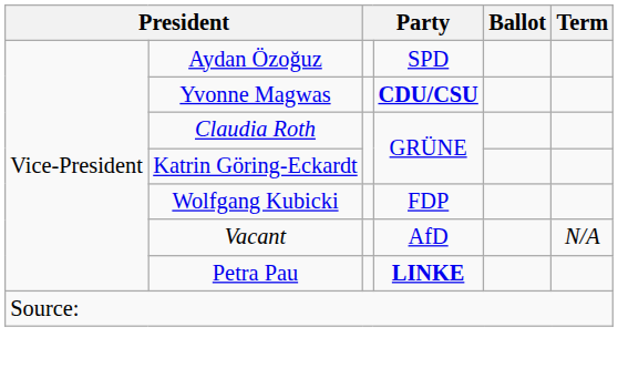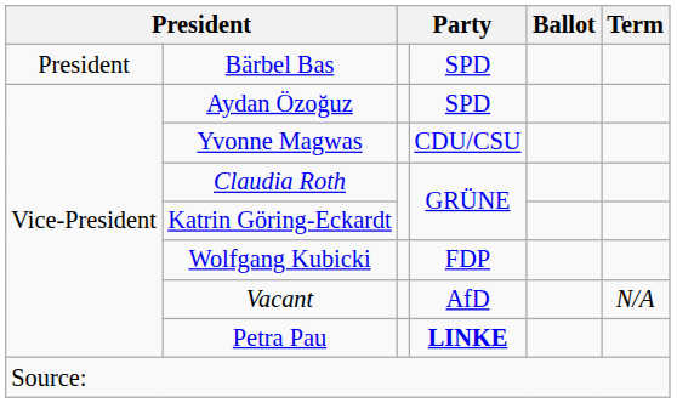 <table class=wikitable style="text-align:center">
 <tr>
 <th colspan=2>President</th>
 <th colspan=2>Party</th>
 <th>Ballot</th>
 <th>Term</th>
+</tr>
+<tr>
+<td>President</td>
+<td><a href='#'>Bärbel Bas</a></td>
+<td style="background:"></td>
+<td><a href='#'>SPD</a></td>
+<td></td>
+<td></td>
 </tr>
 <tr>
 <td rowspan=7>Vice-President</td>
 <td><a href='#'>Aydan Özoğuz</a></td>
 <td style="background:"></td>
 <td><a href='#'>SPD</a></td>
 <td></td>
 <td></td>
 </tr>
 <tr>
 <td><a href='#'>Yvonne Magwas</a></td>
 <td style="background:"></td>
-<td><strong><a href='#'>CDU/CSU</a></strong></td>
+<td><a href='#'>CDU/CSU</a></td>
 <td></td>
 <td></td>
 </tr>
 <tr>
 <td><em><a href='#'>Claudia Roth</a></em></td>
 <td rowspan=2 style="background:"></td>
 <td rowspan=2><a href='#'>GRÜNE</a></td>
 <td></td>
 <td><em></em></td>
 </tr>
 <tr>
 <td><a href='#'>Katrin Göring-Eckardt</a></td>
 <td></td>
 <td></td>
 </tr>
 <tr>
 <td><a href='#'>Wolfgang Kubicki</a></td>
 <td style="background:"></td>
 <td><a href='#'>FDP</a></td>
 <td></td>
 <td></td>
 </tr>
 <tr>
 <td><em>Vacant</em></td>
 <td style="background:"></td>
 <td><a href='#'>AfD</a></td>
 <td></td>
 <td><em>N/A</em></td>
 </tr>
 <tr>
 <td><a href='#'>Petra Pau</a></td>
 <td style="background:"></td>
 <td><strong><a href='#'>LINKE</a></strong></td>
 <td></td>
 <td></td>
 </tr>
 <tr>
 <td align=left colspan=6>Source: </td>
 </tr>
 </table>
